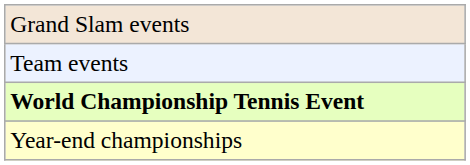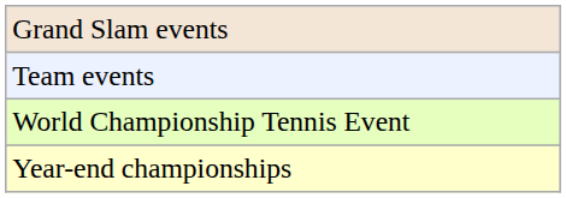 <table class="wikitable" style="font-size:95%;" width=15%>
 <tr style="background:#F3E6D7;">
 <td>Grand Slam events</td>
 </tr>
 <tr style="background:#ECF2FF;">
 <td>Team events</td>
 </tr>
 <tr style="background:#E6FFBF;">
-<td><strong>World Championship Tennis Event</strong></td>
+<td>World Championship Tennis Event</td>
 </tr>
 <tr style="background:#FFFFCC;">
 <td>Year-end championships</td>
 </tr>
 </table>
